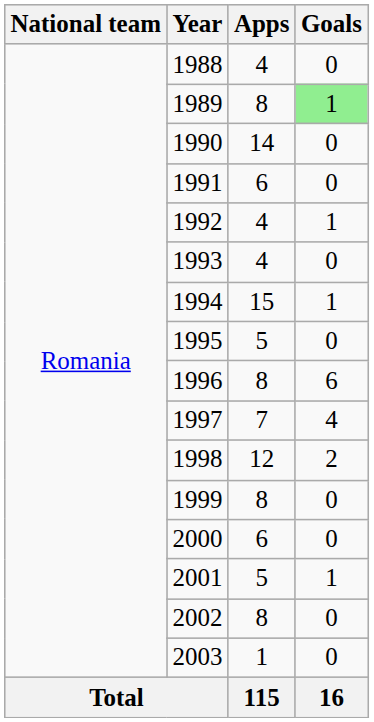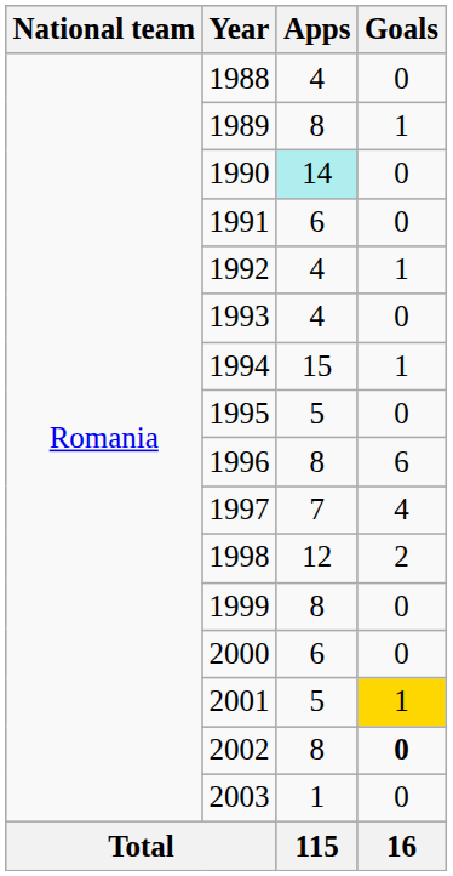 <table class="wikitable" style="text-align:center">
 <tr>
 <th>National team</th>
 <th>Year</th>
 <th>Apps</th>
 <th>Goals</th>
 </tr>
 <tr>
 <td rowspan="16"><a href='#'>Romania</a></td>
 <td>1988</td>
 <td>4</td>
 <td>0</td>
 </tr>
 <tr>
 <td>1989</td>
 <td>8</td>
-<td style="background: lightgreen;">1</td>
+<td>1</td>
 </tr>
 <tr>
 <td>1990</td>
-<td>14</td>
+<td style="background: paleturquoise;">14</td>
 <td>0</td>
 </tr>
 <tr>
 <td>1991</td>
 <td>6</td>
 <td>0</td>
 </tr>
 <tr>
 <td>1992</td>
 <td>4</td>
 <td>1</td>
 </tr>
 <tr>
 <td>1993</td>
 <td>4</td>
 <td>0</td>
 </tr>
 <tr>
 <td>1994</td>
 <td>15</td>
 <td>1</td>
 </tr>
 <tr>
 <td>1995</td>
 <td>5</td>
 <td>0</td>
 </tr>
 <tr>
 <td>1996</td>
 <td>8</td>
 <td>6</td>
 </tr>
 <tr>
 <td>1997</td>
 <td>7</td>
 <td>4</td>
 </tr>
 <tr>
 <td>1998</td>
 <td>12</td>
 <td>2</td>
 </tr>
 <tr>
 <td>1999</td>
 <td>8</td>
 <td>0</td>
 </tr>
 <tr>
 <td>2000</td>
 <td>6</td>
 <td>0</td>
 </tr>
 <tr>
 <td>2001</td>
 <td>5</td>
-<td>1</td>
+<td style="background: gold;">1</td>
 </tr>
 <tr>
 <td>2002</td>
 <td>8</td>
-<td>0</td>
+<td><strong>0</strong></td>
 </tr>
 <tr>
 <td>2003</td>
 <td>1</td>
 <td>0</td>
 </tr>
 <tr>
 <th colspan="2">Total</th>
 <th>115</th>
 <th>16</th>
 </tr>
 </table>
